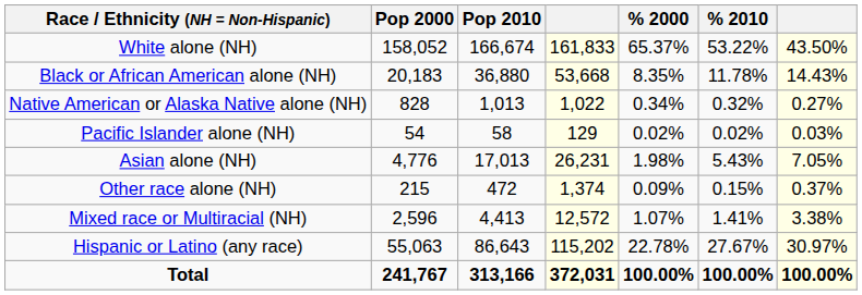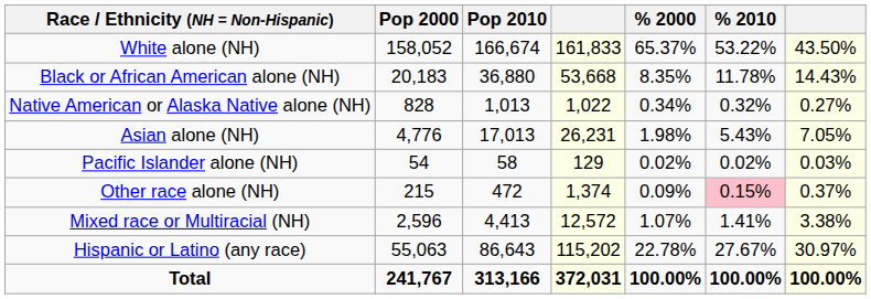 <table class="wikitable" style="text-align:center;">
 <tr>
 <th>Race / Ethnicity <small>(<em>NH = Non-Hispanic</em>)</small></th>
 <th>Pop 2000</th>
 <th>Pop 2010</th>
 <th></th>
 <th>% 2000</th>
 <th>% 2010</th>
 <th></th>
 </tr>
 <tr>
 <td><a href='#'>White</a> alone (NH)</td>
 <td>158,052</td>
 <td>166,674</td>
 <td style='background: #ffffe6;'>161,833</td>
 <td>65.37%</td>
 <td>53.22%</td>
 <td style='background: #ffffe6;'>43.50%</td>
 </tr>
 <tr>
 <td><a href='#'>Black or African American</a> alone (NH)</td>
 <td>20,183</td>
 <td>36,880</td>
 <td style='background: #ffffe6;'>53,668</td>
 <td>8.35%</td>
 <td>11.78%</td>
 <td style='background: #ffffe6;'>14.43%</td>
 </tr>
 <tr>
 <td><a href='#'>Native American</a> or <a href='#'>Alaska Native</a> alone (NH)</td>
 <td>828</td>
 <td>1,013</td>
 <td style='background: #ffffe6;'>1,022</td>
 <td>0.34%</td>
 <td>0.32%</td>
 <td style='background: #ffffe6;'>0.27%</td>
 </tr>
 <tr>
+<td><a href='#'>Asian</a> alone (NH)</td>
+<td>4,776</td>
+<td>17,013</td>
+<td style='background: #ffffe6;'>26,231</td>
+<td>1.98%</td>
+<td>5.43%</td>
+<td style='background: #ffffe6;'>7.05%</td>
+</tr>
+<tr>
 <td><a href='#'>Pacific Islander</a> alone (NH)</td>
 <td>54</td>
 <td>58</td>
 <td style='background: #ffffe6;'>129</td>
 <td>0.02%</td>
 <td>0.02%</td>
 <td style='background: #ffffe6;'>0.03%</td>
 </tr>
 <tr>
-<td><a href='#'>Asian</a> alone (NH)</td>
-<td>4,776</td>
-<td>17,013</td>
-<td style='background: #ffffe6;'>26,231</td>
-<td>1.98%</td>
-<td>5.43%</td>
-<td style='background: #ffffe6;'>7.05%</td>
-</tr>
-<tr>
 <td><a href='#'>Other race</a> alone (NH)</td>
 <td>215</td>
 <td>472</td>
 <td style='background: #ffffe6;'>1,374</td>
 <td>0.09%</td>
-<td>0.15%</td>
+<td style="background: pink;">0.15%</td>
 <td style='background: #ffffe6;'>0.37%</td>
 </tr>
 <tr>
 <td><a href='#'>Mixed race or Multiracial</a> (NH)</td>
 <td>2,596</td>
 <td>4,413</td>
 <td style='background: #ffffe6;'>12,572</td>
 <td>1.07%</td>
 <td>1.41%</td>
 <td style='background: #ffffe6;'>3.38%</td>
 </tr>
 <tr>
 <td><a href='#'>Hispanic or Latino</a> (any race)</td>
 <td>55,063</td>
 <td>86,643</td>
 <td style='background: #ffffe6;'>115,202</td>
 <td>22.78%</td>
 <td>27.67%</td>
 <td style='background: #ffffe6;'>30.97%</td>
 </tr>
 <tr>
 <td><strong>Total</strong></td>
 <td><strong>241,767</strong></td>
 <td><strong>313,166</strong></td>
 <td style='background: #ffffe6;'><strong>372,031</strong></td>
 <td><strong>100.00%</strong></td>
 <td><strong>100.00%</strong></td>
 <td style='background: #ffffe6;'><strong>100.00%</strong></td>
 </tr>
 </table>
